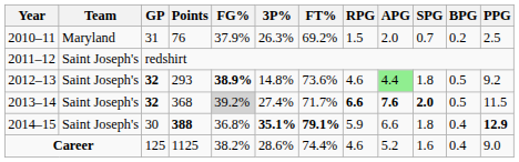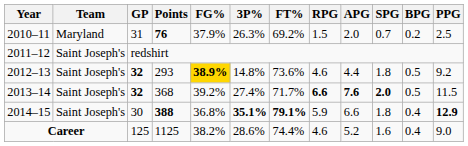 <table class="wikitable">
 <tr>
 <th>Year</th>
 <th>Team</th>
 <th>GP</th>
 <th>Points</th>
 <th>FG%</th>
 <th>3P%</th>
 <th>FT%</th>
 <th>RPG</th>
 <th>APG</th>
 <th>SPG</th>
 <th>BPG</th>
 <th>PPG</th>
 </tr>
 <tr>
 <td>2010–11</td>
 <td>Maryland</td>
 <td>31</td>
-<td>76</td>
+<td><strong>76</strong></td>
 <td>37.9%</td>
 <td>26.3%</td>
 <td>69.2%</td>
 <td>1.5</td>
 <td>2.0</td>
 <td>0.7</td>
 <td>0.2</td>
 <td>2.5</td>
 </tr>
 <tr>
 <td>2011–12</td>
 <td>Saint Joseph's</td>
 <td colspan="10">redshirt</td>
 </tr>
 <tr>
 <td>2012–13</td>
 <td>Saint Joseph's</td>
 <td><strong>32</strong></td>
 <td>293</td>
-<td><strong>38.9%</strong></td>
+<td style="background: gold;"><strong>38.9%</strong></td>
 <td>14.8%</td>
 <td>73.6%</td>
 <td>4.6</td>
-<td style="background: lightgreen;">4.4</td>
+<td>4.4</td>
 <td>1.8</td>
 <td>0.5</td>
 <td>9.2</td>
 </tr>
 <tr>
 <td>2013–14</td>
 <td>Saint Joseph's</td>
 <td><strong>32</strong></td>
 <td>368</td>
-<td style="background: lightgrey;">39.2%</td>
+<td>39.2%</td>
 <td>27.4%</td>
 <td>71.7%</td>
 <td><strong>6.6</strong></td>
 <td><strong>7.6</strong></td>
 <td><strong>2.0</strong></td>
 <td>0.5</td>
 <td>11.5</td>
 </tr>
 <tr>
 <td>2014–15</td>
 <td>Saint Joseph's</td>
 <td>30</td>
 <td><strong>388</strong></td>
 <td>36.8%</td>
 <td><strong>35.1%</strong></td>
 <td><strong>79.1%</strong></td>
 <td>5.9</td>
 <td>6.6</td>
 <td>1.8</td>
 <td>0.4</td>
 <td><strong>12.9</strong></td>
 </tr>
 <tr>
 <td align=center colspan=2><strong>Career</strong></td>
 <td>125</td>
 <td>1125</td>
 <td>38.2%</td>
 <td>28.6%</td>
 <td>74.4%</td>
 <td>4.6</td>
 <td>5.2</td>
 <td>1.6</td>
 <td>0.4</td>
 <td>9.0</td>
 </tr>
 </table>
